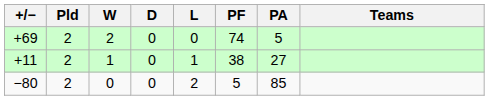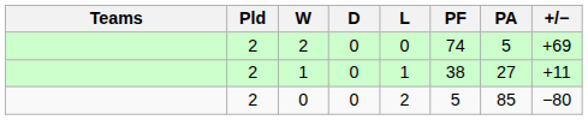 <table class="wikitable" style="text-align: center;">
 <tr>
-<th width="40">+/−</th>
+<th width="200">Teams</th>
 <th width="40">Pld</th>
 <th width="40">W</th>
 <th width="40">D</th>
 <th width="40">L</th>
 <th width="40">PF</th>
 <th width="40">PA</th>
-<th width="200">Teams</th>
+<th width="40">+/−</th>
 </tr>
 <tr bgcolor=ccffcc>
-<td>+69</td>
+<td align=left></td>
 <td>2</td>
 <td>2</td>
 <td>0</td>
 <td>0</td>
 <td>74</td>
 <td>5</td>
-<td align=left></td>
+<td>+69</td>
 </tr>
 <tr bgcolor=ccffcc>
-<td>+11</td>
+<td align=left></td>
 <td>2</td>
 <td>1</td>
 <td>0</td>
 <td>1</td>
 <td>38</td>
 <td>27</td>
-<td align=left></td>
+<td>+11</td>
 </tr>
 <tr>
-<td>−80</td>
+<td align=left></td>
 <td>2</td>
 <td>0</td>
 <td>0</td>
 <td>2</td>
 <td>5</td>
 <td>85</td>
-<td align=left></td>
+<td>−80</td>
 </tr>
 </table>
